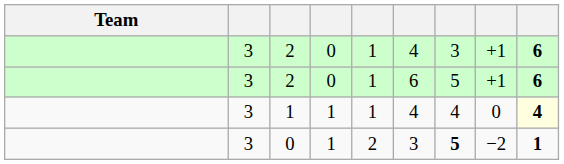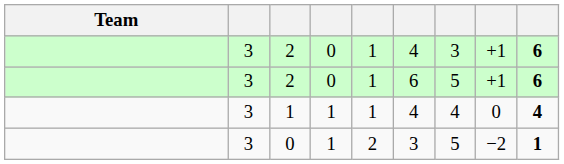 <table class="wikitable" style="text-align: center; font-size: 90%;">
 <tr>
 <th width=165>Team</th>
 <th width=25></th>
 <th width=25></th>
 <th width=25></th>
 <th width=25></th>
 <th width=25></th>
 <th width=25></th>
 <th width=25></th>
 <th width=25></th>
 </tr>
 <tr style="background:#cfc;">
 <td align="left"></td>
 <td>3</td>
 <td>2</td>
 <td>0</td>
 <td>1</td>
 <td>4</td>
 <td>3</td>
 <td>+1</td>
 <td><strong>6</strong></td>
 </tr>
 <tr style="background:#cfc;">
 <td align="left"></td>
 <td>3</td>
 <td>2</td>
 <td>0</td>
 <td>1</td>
 <td>6</td>
 <td>5</td>
 <td>+1</td>
 <td><strong>6</strong></td>
 </tr>
 <tr>
 <td align="left"></td>
 <td>3</td>
 <td>1</td>
 <td>1</td>
 <td>1</td>
 <td>4</td>
 <td>4</td>
 <td>0</td>
-<td style="background: lightyellow;"><strong>4</strong></td>
+<td><strong>4</strong></td>
 </tr>
 <tr>
 <td align="left"></td>
 <td>3</td>
 <td>0</td>
 <td>1</td>
 <td>2</td>
 <td>3</td>
-<td><strong>5</strong></td>
+<td>5</td>
 <td>−2</td>
 <td><strong>1</strong></td>
 </tr>
 </table>
